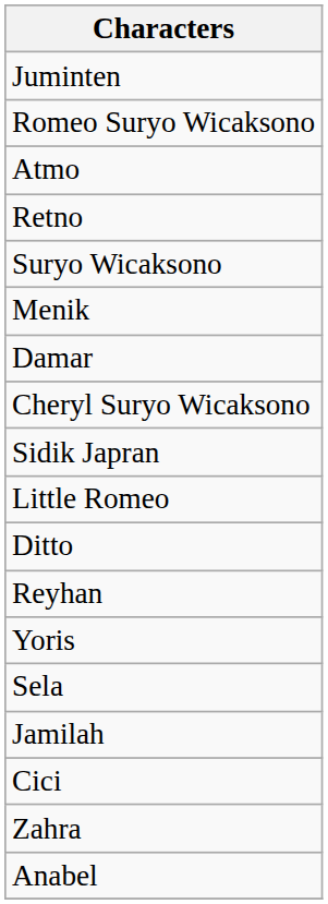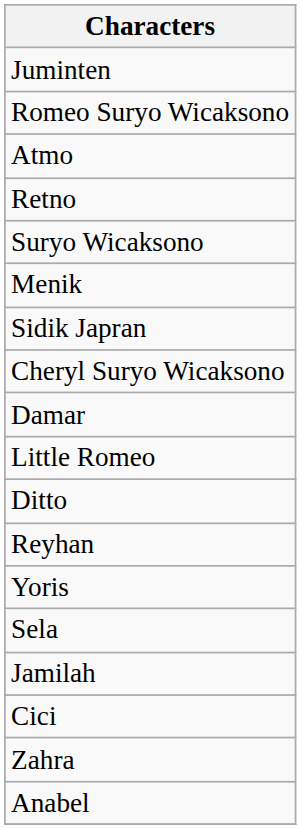 <table class="wikitable">
 <tr>
 <th>Characters</th>
 </tr>
 <tr>
 <td>Juminten</td>
 </tr>
 <tr>
 <td>Romeo Suryo Wicaksono</td>
 </tr>
 <tr>
 <td>Atmo</td>
 </tr>
 <tr>
 <td>Retno</td>
 </tr>
 <tr>
 <td>Suryo Wicaksono</td>
 </tr>
 <tr>
 <td>Menik</td>
 </tr>
 <tr>
-<td>Damar</td>
+<td>Sidik Japran</td>
 </tr>
 <tr>
 <td>Cheryl Suryo Wicaksono</td>
 </tr>
 <tr>
-<td>Sidik Japran</td>
+<td>Damar</td>
 </tr>
 <tr>
 <td>Little Romeo</td>
 </tr>
 <tr>
 <td>Ditto</td>
 </tr>
 <tr>
 <td>Reyhan</td>
 </tr>
 <tr>
 <td>Yoris</td>
 </tr>
 <tr>
 <td>Sela</td>
 </tr>
 <tr>
 <td>Jamilah</td>
 </tr>
 <tr>
 <td>Cici</td>
 </tr>
 <tr>
 <td>Zahra</td>
 </tr>
 <tr>
 <td>Anabel</td>
 </tr>
 <tr>
 </tr>
 </table>
